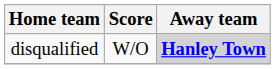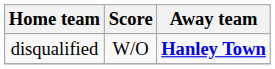 <table class="wikitable" style="text-align: center">
 <tr>
 <th>Home team</th>
 <th>Score</th>
 <th>Away team</th>
 </tr>
 <tr>
 <td>disqualified</td>
 <td>W/O</td>
-<td style="background: lightgrey;"><strong><a href='#'>Hanley Town</a></strong></td>
+<td><strong><a href='#'>Hanley Town</a></strong></td>
 </tr>
 <tr>
 </tr>
 </table>
